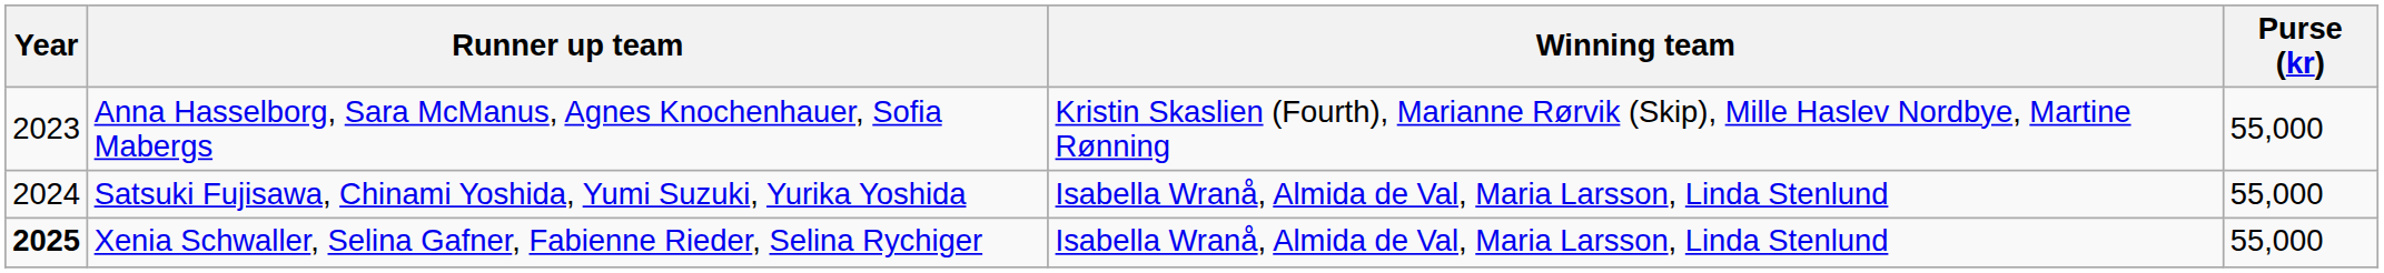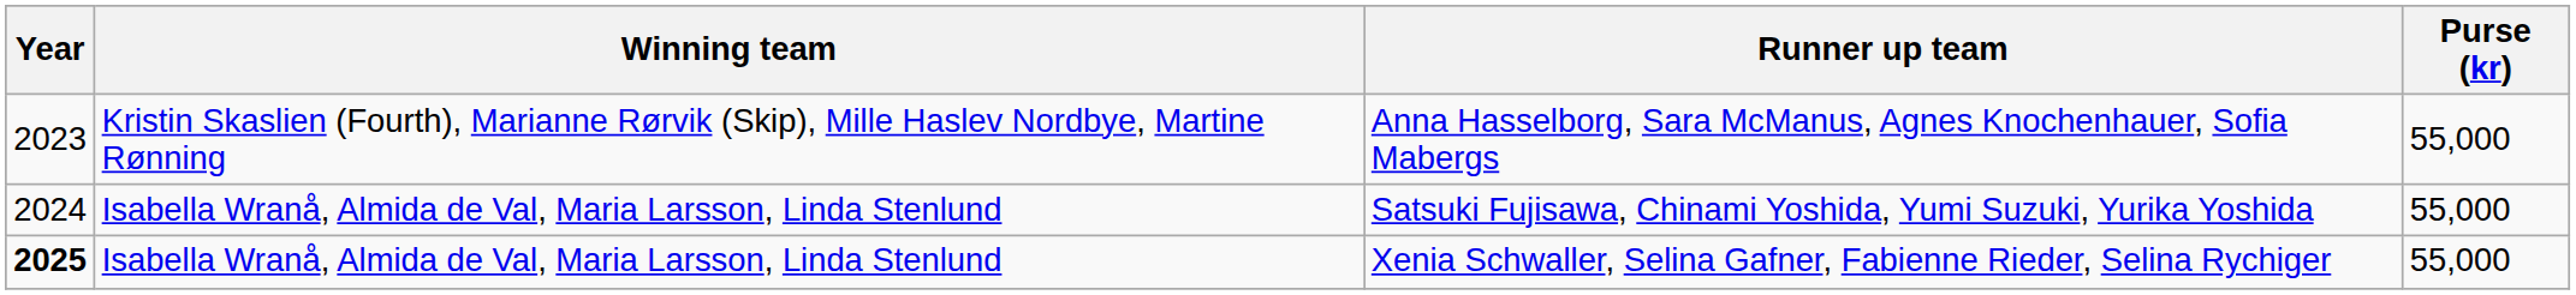 <table class="wikitable">
 <tr>
 <th scope="col">Year</th>
+<th scope="col">Winning team</th>
 <th scope="col">Runner up team</th>
-<th scope="col">Winning team</th>
 <th scope="col">Purse (<a href='#'>kr</a>)</th>
 </tr>
 <tr>
 <td>2023</td>
+<td> <a href='#'>Kristin Skaslien</a> (Fourth), <a href='#'>Marianne Rørvik</a> (Skip), <a href='#'>Mille Haslev Nordbye</a>, <a href='#'>Martine Rønning</a></td>
 <td> <a href='#'>Anna Hasselborg</a>, <a href='#'>Sara McManus</a>, <a href='#'>Agnes Knochenhauer</a>, <a href='#'>Sofia Mabergs</a></td>
-<td> <a href='#'>Kristin Skaslien</a> (Fourth), <a href='#'>Marianne Rørvik</a> (Skip), <a href='#'>Mille Haslev Nordbye</a>, <a href='#'>Martine Rønning</a></td>
 <td>55,000</td>
 </tr>
 <tr>
 <td>2024</td>
+<td> <a href='#'>Isabella Wranå</a>, <a href='#'>Almida de Val</a>, <a href='#'>Maria Larsson</a>, <a href='#'>Linda Stenlund</a></td>
 <td> <a href='#'>Satsuki Fujisawa</a>, <a href='#'>Chinami Yoshida</a>, <a href='#'>Yumi Suzuki</a>, <a href='#'>Yurika Yoshida</a></td>
-<td> <a href='#'>Isabella Wranå</a>, <a href='#'>Almida de Val</a>, <a href='#'>Maria Larsson</a>, <a href='#'>Linda Stenlund</a></td>
 <td>55,000</td>
 </tr>
 <tr>
 <td><strong>2025</strong></td>
+<td> <a href='#'>Isabella Wranå</a>, <a href='#'>Almida de Val</a>, <a href='#'>Maria Larsson</a>, <a href='#'>Linda Stenlund</a></td>
 <td> <a href='#'>Xenia Schwaller</a>, <a href='#'>Selina Gafner</a>, <a href='#'>Fabienne Rieder</a>, <a href='#'>Selina Rychiger</a></td>
-<td> <a href='#'>Isabella Wranå</a>, <a href='#'>Almida de Val</a>, <a href='#'>Maria Larsson</a>, <a href='#'>Linda Stenlund</a></td>
 <td>55,000</td>
 </tr>
 </table>
